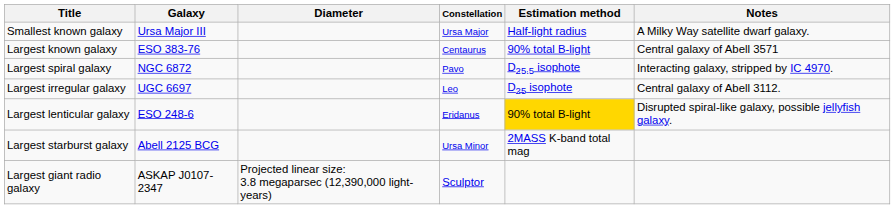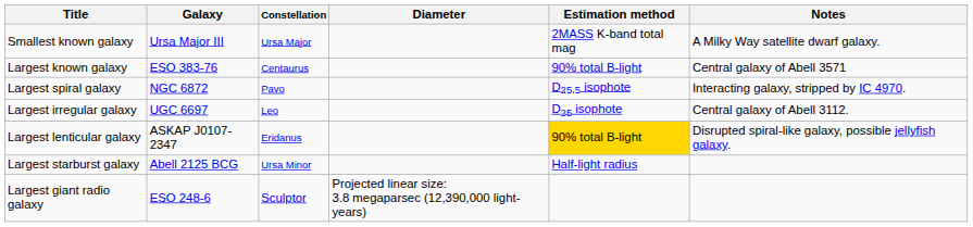 <table class="wikitable">
 <tr>
 <th>Title</th>
 <th>Galaxy</th>
+<th><small>Constellation</small></th>
 <th>Diameter</th>
-<th><small>Constellation</small></th>
 <th>Estimation method</th>
 <th>Notes</th>
 </tr>
 <tr>
 <td>Smallest known galaxy</td>
 <td><a href='#'>Ursa Major III</a></td>
+<td><small><a href='#'>Ursa Major</a></small></td>
 <td></td>
-<td><small><a href='#'>Ursa Major</a></small></td>
-<td><a href='#'>Half-light radius</a></td>
+<td><a href='#'>2MASS</a> K-band total mag</td>
 <td>A Milky Way satellite dwarf galaxy.</td>
 </tr>
 <tr>
 <td>Largest known galaxy</td>
 <td><a href='#'>ESO 383-76</a></td>
+<td><small><a href='#'>Centaurus</a></small></td>
 <td></td>
-<td><small><a href='#'>Centaurus</a></small></td>
 <td><a href='#'>90% total B-light</a></td>
 <td>Central galaxy of Abell 3571</td>
 </tr>
 <tr>
 <td>Largest spiral galaxy</td>
 <td><a href='#'>NGC 6872</a></td>
+<td><small><a href='#'>Pavo</a></small></td>
 <td></td>
-<td><small><a href='#'>Pavo</a></small></td>
 <td><a href='#'>D<sub>25.5</sub> isophote</a></td>
 <td>Interacting galaxy, stripped by <a href='#'>IC 4970</a>.</td>
 </tr>
 <tr>
 <td>Largest irregular galaxy</td>
 <td><a href='#'>UGC 6697</a></td>
+<td><small><a href='#'>Leo</a></small></td>
 <td></td>
-<td><small><a href='#'>Leo</a></small></td>
 <td><a href='#'>D<sub>25</sub> isophote</a></td>
 <td>Central galaxy of Abell 3112.</td>
 </tr>
 <tr>
 <td>Largest lenticular galaxy</td>
-<td><a href='#'>ESO 248-6</a></td>
+<td>ASKAP J0107-2347</td>
+<td><small><a href='#'>Eridanus</a></small></td>
 <td></td>
-<td><small><a href='#'>Eridanus</a></small></td>
 <td style="background: gold;">90% total B-light</td>
 <td>Disrupted spiral-like galaxy, possible <a href='#'>jellyfish galaxy</a>.</td>
 </tr>
 <tr>
 <td>Largest starburst galaxy</td>
 <td><a href='#'>Abell 2125 BCG</a></td>
+<td><small><a href='#'>Ursa Minor</a></small></td>
 <td></td>
-<td><small><a href='#'>Ursa Minor</a></small></td>
-<td><a href='#'>2MASS</a> K-band total mag</td>
+<td><a href='#'>Half-light radius</a></td>
 <td></td>
 </tr>
 <tr>
 <td>Largest giant radio galaxy</td>
-<td>ASKAP J0107-2347</td>
+<td><a href='#'>ESO 248-6</a></td>
+<td><a href='#'>Sculptor</a></td>
 <td>Projected linear size:<br>3.8 megaparsec (12,390,000 light-years)</td>
-<td><a href='#'>Sculptor</a></td>
 <td></td>
 <td></td>
 </tr>
 </table>
